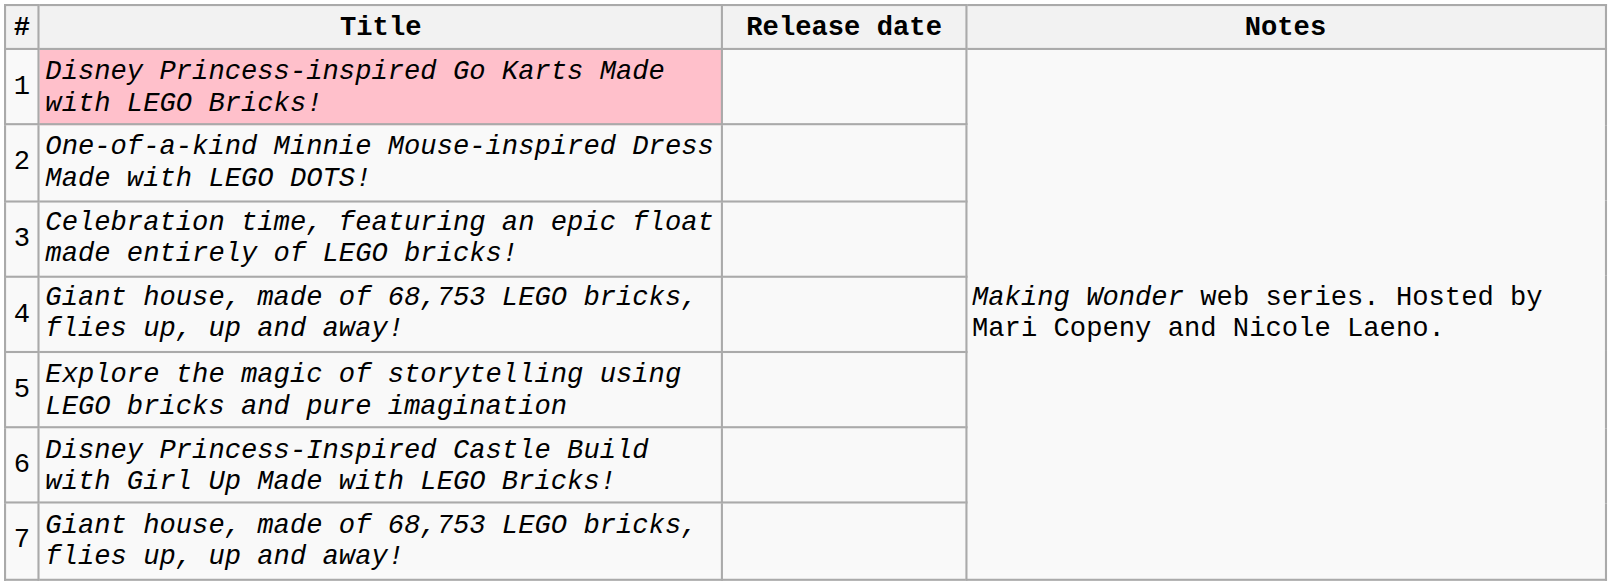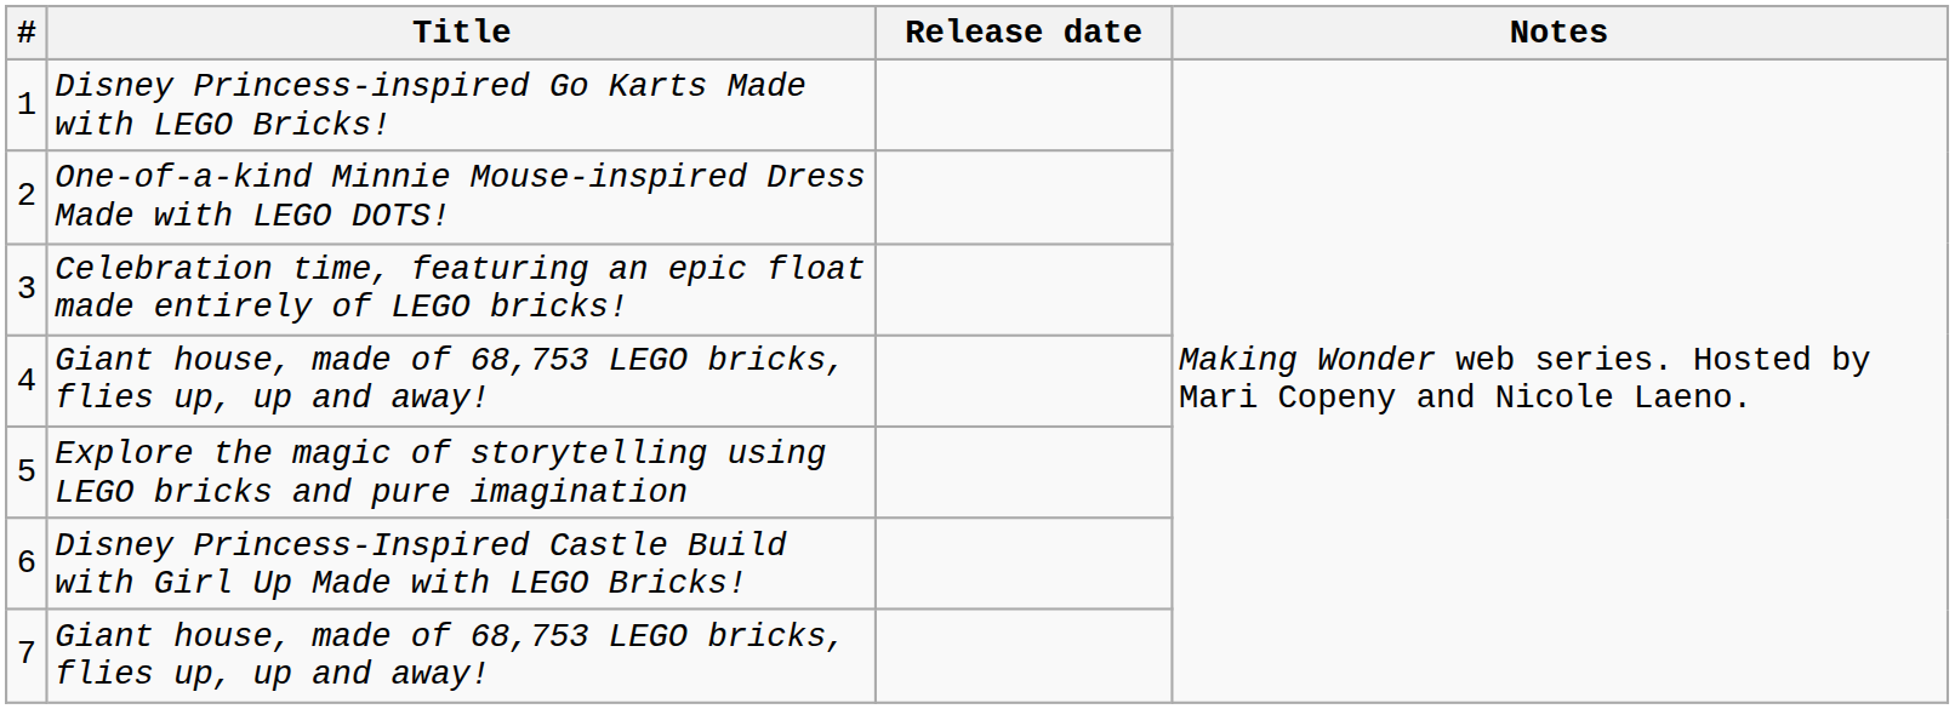 <table class="wikitable sortable">
 <tr>
 <th width=10>#</th>
 <th width=321>Title</th>
 <th width=110>Release date</th>
 <th width=300>Notes</th>
 </tr>
 <tr>
 <td align="center">1</td>
-<td style="background: pink;"><em>Disney Princess-inspired Go Karts Made with LEGO Bricks!</em></td>
+<td><em>Disney Princess-inspired Go Karts Made with LEGO Bricks!</em></td>
 <td align="right"></td>
 <td rowspan="8"><em>Making Wonder</em> web series. Hosted by Mari Copeny and Nicole Laeno.</td>
 </tr>
 <tr>
 <td align="center">2</td>
 <td><em>One-of-a-kind Minnie Mouse-inspired Dress Made with LEGO DOTS!</em></td>
 <td align="right"></td>
 </tr>
 <tr>
 <td align="center">3</td>
 <td><em>Celebration time, featuring an epic float made entirely of LEGO bricks!</em></td>
 <td align="right"></td>
 </tr>
 <tr>
 <td align="center">4</td>
 <td><em>Giant house, made of 68,753 LEGO bricks, flies up, up and away!</em></td>
 <td align="right"></td>
 </tr>
 <tr>
 <td align="center">5</td>
 <td><em>Explore the magic of storytelling using LEGO bricks and pure imagination</em></td>
 <td align="right"></td>
 </tr>
 <tr>
 <td align="center">6</td>
 <td><em>Disney Princess-Inspired Castle Build with Girl Up Made with LEGO Bricks!</em></td>
 <td align="right"></td>
 </tr>
 <tr>
 <td align="center">7</td>
 <td><em>Giant house, made of 68,753 LEGO bricks, flies up, up and away!</em></td>
 <td align="right"></td>
 </tr>
 </table>
